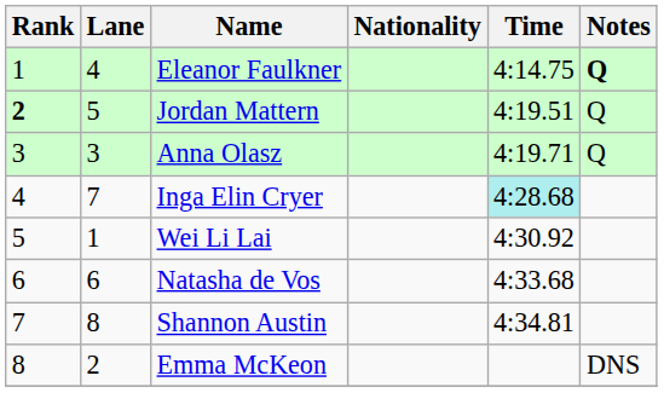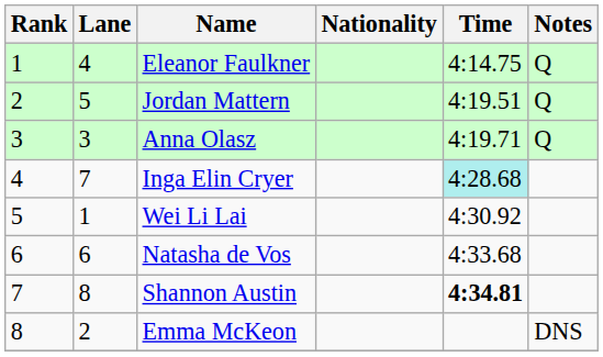 <table class="wikitable">
 <tr>
 <th>Rank</th>
 <th>Lane</th>
 <th>Name</th>
 <th>Nationality</th>
 <th>Time</th>
 <th>Notes</th>
 </tr>
 <tr bgcolor=ccffcc>
 <td>1</td>
 <td>4</td>
 <td><a href='#'>Eleanor Faulkner</a></td>
 <td></td>
 <td>4:14.75</td>
-<td><strong>Q</strong></td>
+<td>Q</td>
 </tr>
 <tr bgcolor=ccffcc>
-<td><strong>2</strong></td>
+<td>2</td>
 <td>5</td>
 <td><a href='#'>Jordan Mattern</a></td>
 <td></td>
 <td>4:19.51</td>
 <td>Q</td>
 </tr>
 <tr bgcolor=ccffcc>
 <td>3</td>
 <td>3</td>
 <td><a href='#'>Anna Olasz</a></td>
 <td></td>
 <td>4:19.71</td>
 <td>Q</td>
 </tr>
 <tr>
 <td>4</td>
 <td>7</td>
 <td><a href='#'>Inga Elin Cryer</a></td>
 <td></td>
 <td style="background: paleturquoise;">4:28.68</td>
 <td></td>
 </tr>
 <tr>
 <td>5</td>
 <td>1</td>
 <td><a href='#'>Wei Li Lai</a></td>
 <td></td>
 <td>4:30.92</td>
 <td></td>
 </tr>
 <tr>
 <td>6</td>
 <td>6</td>
 <td><a href='#'>Natasha de Vos</a></td>
 <td></td>
 <td>4:33.68</td>
 <td></td>
 </tr>
 <tr>
 <td>7</td>
 <td>8</td>
 <td><a href='#'>Shannon Austin</a></td>
 <td></td>
-<td>4:34.81</td>
+<td><strong>4:34.81</strong></td>
 <td></td>
 </tr>
 <tr>
 <td>8</td>
 <td>2</td>
 <td><a href='#'>Emma McKeon</a></td>
 <td></td>
 <td></td>
 <td>DNS</td>
 </tr>
 <tr>
 </tr>
 </table>
